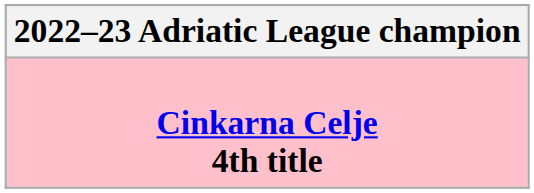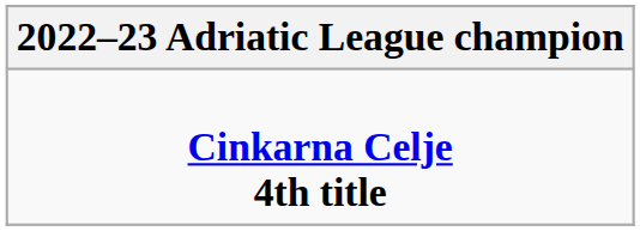 <table class=wikitable style="text-align:center; margin:auto">
 <tr>
 <th>2022–23 Adriatic League champion</th>
 </tr>
 <tr>
-<td style="background: pink;"><br><strong><a href='#'>Cinkarna Celje</a></strong><br><strong>4th title</strong></td>
+<td><br><strong><a href='#'>Cinkarna Celje</a></strong><br><strong>4th title</strong></td>
 </tr>
 </table>
